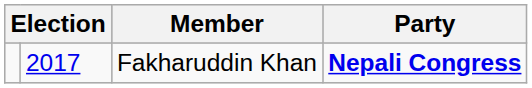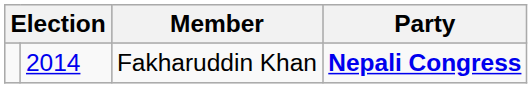 <table class="wikitable">
 <tr>
 <th colspan="2">Election</th>
 <th>Member</th>
 <th>Party</th>
 </tr>
 <tr>
 <td style="background-color:"></td>
-<td><a href='#'>2017</a></td>
+<td><a href='#'>2014</a></td>
 <td>Fakharuddin Khan</td>
 <td><strong><a href='#'>Nepali Congress</a></strong></td>
 </tr>
 </table>
